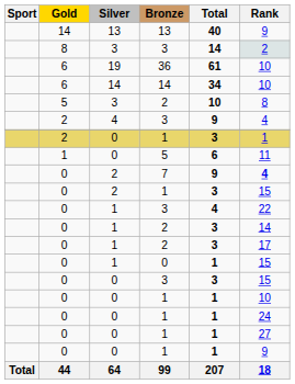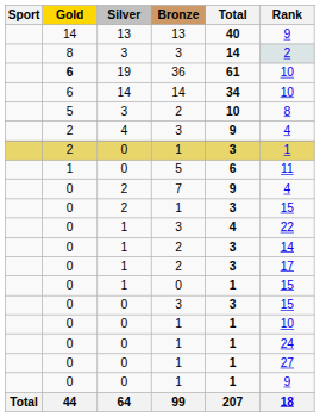 <table class="wikitable sortable" style="margin-top:0em; text-align:center; font-size:100%;">
 <tr>
 <th>Sport</th>
 <th style="background:gold; width:4em;"><strong>Gold</strong></th>
 <th style="background:silver; width:4em;"><strong>Silver</strong></th>
 <th style="background:#cc9966; width:4em;"><strong>Bronze</strong></th>
 <th style="width:4em;">Total</th>
 <th style="width:4em;">Rank</th>
 </tr>
 <tr>
 <td align=left></td>
 <td>14</td>
 <td>13</td>
 <td>13</td>
 <td><strong>40</strong></td>
 <td><a href='#'>9</a></td>
 </tr>
 <tr>
 <td align=left></td>
 <td>8</td>
 <td>3</td>
 <td>3</td>
 <td><strong>14</strong></td>
 <td bgcolor=dce5e5><a href='#'>2</a></td>
 </tr>
 <tr>
 <td align=left></td>
-<td>6</td>
+<td><strong>6</strong></td>
 <td>19</td>
 <td>36</td>
 <td><strong>61</strong></td>
 <td><a href='#'>10</a></td>
 </tr>
 <tr>
 <td align=left></td>
 <td>6</td>
 <td>14</td>
 <td>14</td>
 <td><strong>34</strong></td>
 <td><a href='#'>10</a></td>
 </tr>
 <tr>
 <td align=left></td>
 <td>5</td>
 <td>3</td>
 <td>2</td>
 <td><strong>10</strong></td>
 <td><a href='#'>8</a></td>
 </tr>
 <tr>
 <td align=left></td>
 <td>2</td>
 <td>4</td>
 <td>3</td>
 <td><strong>9</strong></td>
 <td><a href='#'>4</a></td>
 </tr>
 <tr>
 </tr>
 <tr style="background:#E9D66B">
 <td align=left></td>
 <td>2</td>
 <td>0</td>
 <td>1</td>
 <td><strong>3</strong></td>
 <td><a href='#'>1</a></td>
 </tr>
 <tr>
 <td align=left></td>
 <td>1</td>
 <td>0</td>
 <td>5</td>
 <td><strong>6</strong></td>
 <td><a href='#'>11</a></td>
 </tr>
 <tr>
 <td align=left></td>
 <td>0</td>
 <td>2</td>
 <td>7</td>
 <td><strong>9</strong></td>
-<td><strong><a href='#'>4</a></strong></td>
+<td><a href='#'>4</a></td>
 </tr>
 <tr>
 <td align=left></td>
 <td>0</td>
 <td>2</td>
 <td>1</td>
 <td><strong>3</strong></td>
 <td><a href='#'>15</a></td>
 </tr>
 <tr>
 <td align=left></td>
 <td>0</td>
 <td>1</td>
 <td>3</td>
 <td><strong>4</strong></td>
 <td><a href='#'>22</a></td>
 </tr>
 <tr>
 <td align=left></td>
 <td>0</td>
 <td>1</td>
 <td>2</td>
 <td><strong>3</strong></td>
 <td><a href='#'>14</a></td>
 </tr>
 <tr>
 <td align=left></td>
 <td>0</td>
 <td>1</td>
 <td>2</td>
 <td><strong>3</strong></td>
 <td><a href='#'>17</a></td>
 </tr>
 <tr>
 <td align=left></td>
 <td>0</td>
 <td>1</td>
 <td>0</td>
 <td><strong>1</strong></td>
 <td><a href='#'>15</a></td>
 </tr>
 <tr>
 <td align=left></td>
 <td>0</td>
 <td>0</td>
 <td>3</td>
 <td><strong>3</strong></td>
 <td><a href='#'>15</a></td>
 </tr>
 <tr>
 <td align=left></td>
 <td>0</td>
 <td>0</td>
 <td>1</td>
 <td><strong>1</strong></td>
 <td><a href='#'>10</a></td>
 </tr>
 <tr>
 <td align=left></td>
 <td>0</td>
 <td>0</td>
 <td>1</td>
 <td><strong>1</strong></td>
 <td><a href='#'>24</a></td>
 </tr>
 <tr>
 <td align=left></td>
 <td>0</td>
 <td>0</td>
 <td>1</td>
 <td><strong>1</strong></td>
 <td><a href='#'>27</a></td>
 </tr>
 <tr>
 <td align=left></td>
 <td>0</td>
 <td>0</td>
 <td>1</td>
 <td><strong>1</strong></td>
 <td><a href='#'>9</a></td>
 </tr>
 <tr>
 <th>Total</th>
 <th>44</th>
 <th>64</th>
 <th>99</th>
 <th>207</th>
 <th><a href='#'>18</a></th>
 </tr>
 </table>
